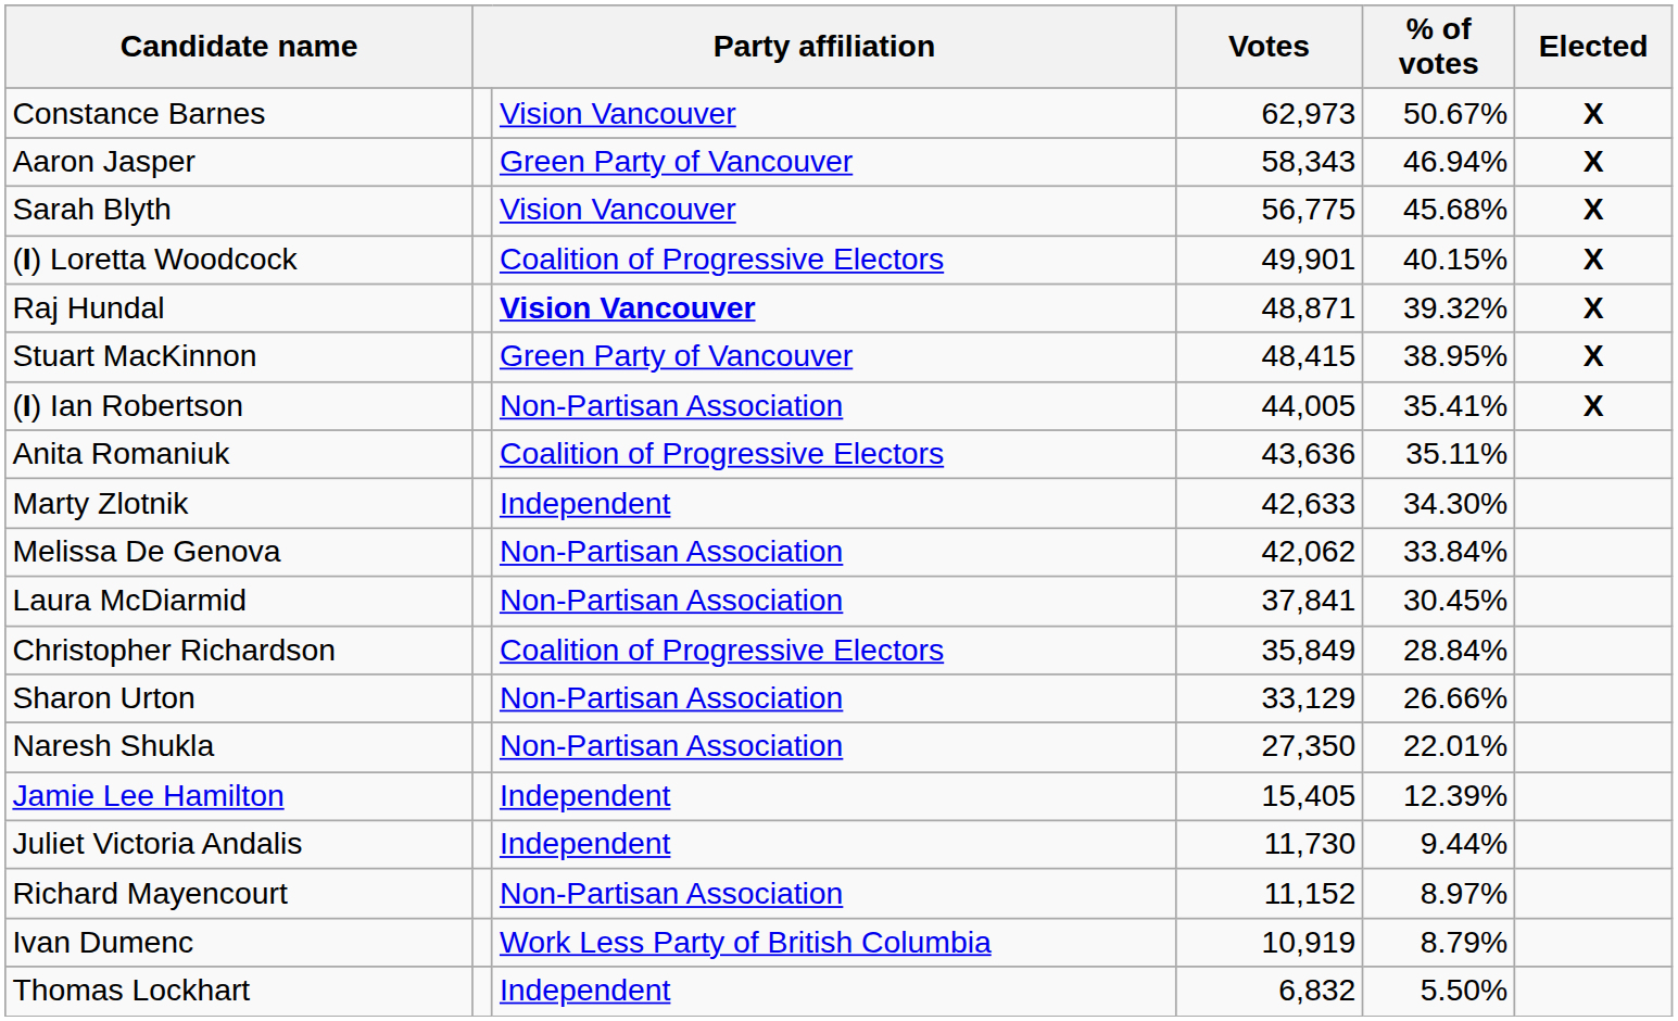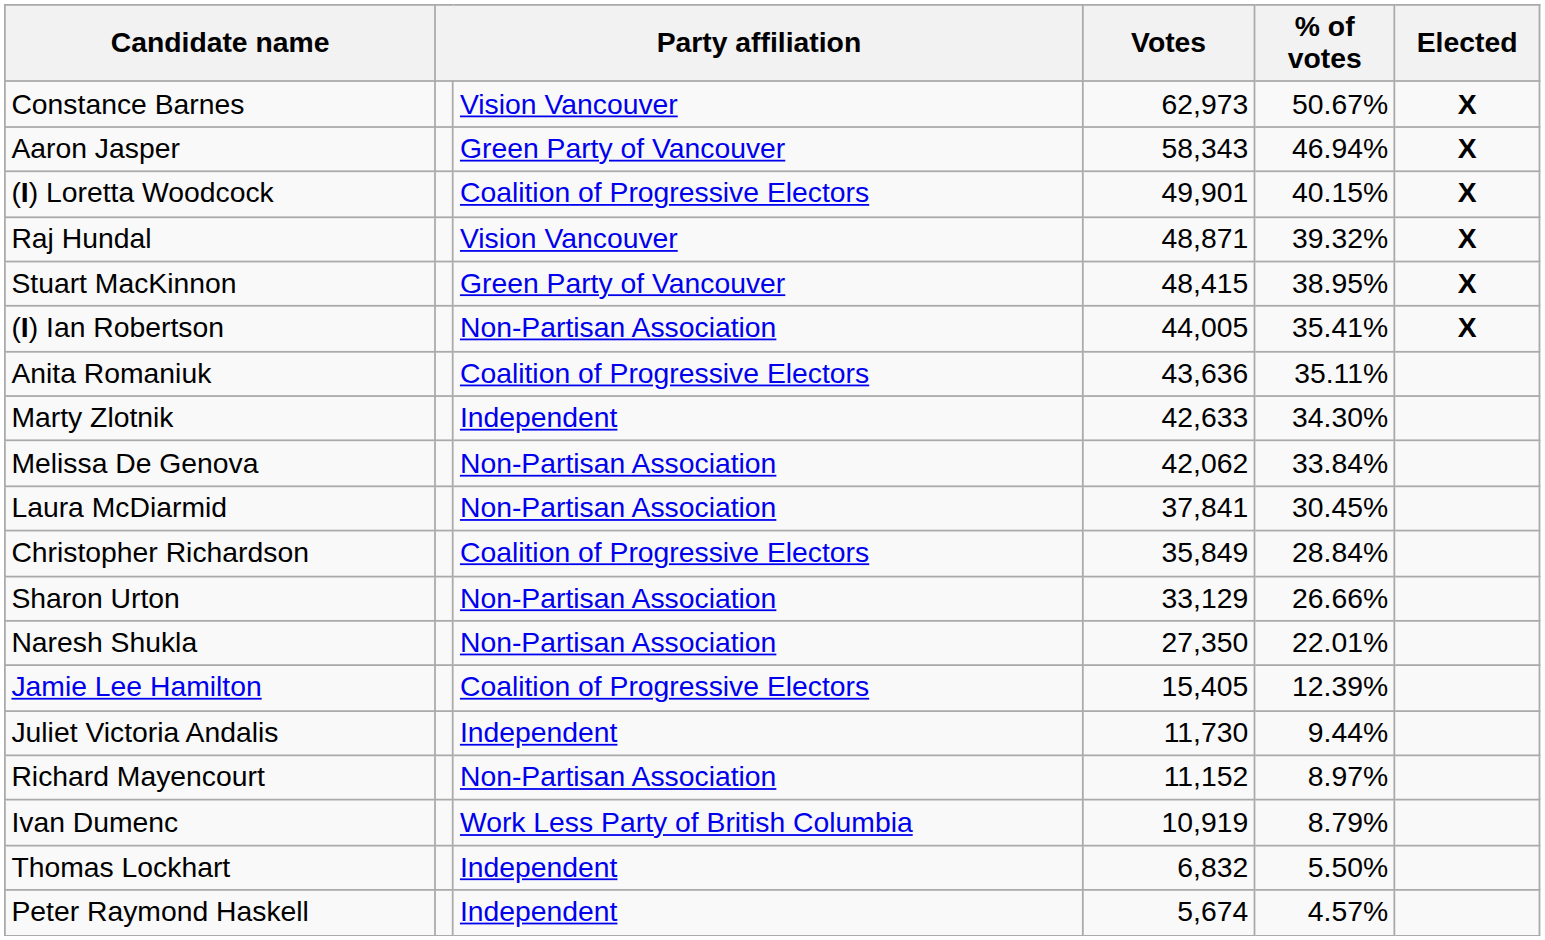 <table class="wikitable sortable" margin:5px; width: 60%">
 <tr>
 <th style="width:20%;">Candidate name</th>
 <th style="width:30.05%;" colspan="2">Party affiliation</th>
 <th style="width:8%;">Votes</th>
 <th style="width:5%;">% of votes</th>
 <th style="width:5%;">Elected</th>
 </tr>
 <tr>
 <td data-sort-value="Barnes, Constance">Constance Barnes</td>
 <td style="background:"></td>
 <td><a href='#'>Vision Vancouver</a></td>
 <td style="text-align: right;">62,973</td>
 <td style="text-align: right;">50.67%</td>
 <td style="text-align: center;"><strong>X</strong></td>
 </tr>
 <tr>
 <td data-sort-value="Jasper, Aaron">Aaron Jasper</td>
 <td style="background:"></td>
 <td><a href='#'>Green Party of Vancouver</a></td>
 <td style="text-align: right;">58,343</td>
 <td style="text-align: right;">46.94%</td>
 <td style="text-align: center;"><strong>X</strong></td>
 </tr>
 <tr>
-<td data-sort-value="Blyth, Sarah">Sarah Blyth</td>
-<td style="background:"></td>
-<td><a href='#'>Vision Vancouver</a></td>
-<td style="text-align: right;">56,775</td>
-<td style="text-align: right;">45.68%</td>
-<td style="text-align: center;"><strong>X</strong></td>
-</tr>
-<tr>
 <td data-sort-value="Woodcock, Loretta">(<strong>I</strong>) Loretta Woodcock</td>
 <td style="background:"></td>
 <td><a href='#'>Coalition of Progressive Electors</a></td>
 <td style="text-align: right;">49,901</td>
 <td style="text-align: right;">40.15%</td>
 <td style="text-align: center;"><strong>X</strong></td>
 </tr>
 <tr>
 <td data-sort-value="Hundal, Raj">Raj Hundal</td>
 <td style="background:"></td>
-<td><strong><a href='#'>Vision Vancouver</a></strong></td>
+<td><a href='#'>Vision Vancouver</a></td>
 <td style="text-align: right;">48,871</td>
 <td style="text-align: right;">39.32%</td>
 <td style="text-align: center;"><strong>X</strong></td>
 </tr>
 <tr>
 <td data-sort-value="MacKinnon, Stuart">Stuart MacKinnon</td>
 <td style="background:"></td>
 <td><a href='#'>Green Party of Vancouver</a></td>
 <td style="text-align: right;">48,415</td>
 <td style="text-align: right;">38.95%</td>
 <td style="text-align: center;"><strong>X</strong></td>
 </tr>
 <tr>
 <td data-sort-value="Robertson, Ian">(<strong>I</strong>) Ian Robertson</td>
 <td style="background:"></td>
 <td><a href='#'>Non-Partisan Association</a></td>
 <td style="text-align: right;">44,005</td>
 <td style="text-align: right;">35.41%</td>
 <td style="text-align: center;"><strong>X</strong></td>
 </tr>
 <tr>
 <td data-sort-value="Romaniuk, Anita">Anita Romaniuk</td>
 <td style="background:"></td>
 <td><a href='#'>Coalition of Progressive Electors</a></td>
 <td style="text-align: right;">43,636</td>
 <td style="text-align: right;">35.11%</td>
 <td></td>
 </tr>
 <tr>
 <td data-sort-value="Zlotnik, Marty">Marty Zlotnik</td>
 <td style="background:"></td>
 <td><a href='#'>Independent</a></td>
 <td style="text-align: right;">42,633</td>
 <td style="text-align: right;">34.30%</td>
 <td></td>
 </tr>
 <tr>
 <td data-sort-value="De Genova, Melissa">Melissa De Genova</td>
 <td style="background:"></td>
 <td><a href='#'>Non-Partisan Association</a></td>
 <td style="text-align: right;">42,062</td>
 <td style="text-align: right;">33.84%</td>
 <td></td>
 </tr>
 <tr>
 <td data-sort-value="McDiarmid, Laura">Laura McDiarmid</td>
 <td style="background:"></td>
 <td><a href='#'>Non-Partisan Association</a></td>
 <td style="text-align: right;">37,841</td>
 <td style="text-align: right;">30.45%</td>
 <td></td>
 </tr>
 <tr>
 <td data-sort-value="Richardson, Christopher">Christopher Richardson</td>
 <td style="background:"></td>
 <td><a href='#'>Coalition of Progressive Electors</a></td>
 <td style="text-align: right;">35,849</td>
 <td style="text-align: right;">28.84%</td>
 <td></td>
 </tr>
 <tr>
 <td data-sort-value="Urton, Sharon">Sharon Urton</td>
 <td style="background:"></td>
 <td><a href='#'>Non-Partisan Association</a></td>
 <td style="text-align: right;">33,129</td>
 <td style="text-align: right;">26.66%</td>
 <td></td>
 </tr>
 <tr>
 <td data-sort-value="Shukla, Naresh">Naresh Shukla</td>
 <td style="background:"></td>
 <td><a href='#'>Non-Partisan Association</a></td>
 <td style="text-align: right;">27,350</td>
 <td style="text-align: right;">22.01%</td>
 <td></td>
 </tr>
 <tr>
 <td data-sort-value="Hamilton, Jamie Lee"><a href='#'>Jamie Lee Hamilton</a></td>
 <td style="background:"></td>
-<td><a href='#'>Independent</a></td>
+<td><a href='#'>Coalition of Progressive Electors</a></td>
 <td style="text-align: right;">15,405</td>
 <td style="text-align: right;">12.39%</td>
 <td></td>
 </tr>
 <tr>
 <td data-sort-value="Andalis, Juliet Victoria">Juliet Victoria Andalis</td>
 <td style="background:"></td>
 <td><a href='#'>Independent</a></td>
 <td style="text-align: right;">11,730</td>
 <td style="text-align: right;">9.44%</td>
 <td></td>
 </tr>
 <tr>
 <td data-sort-value="Mayencourt, Richard">Richard Mayencourt</td>
 <td style="background:"></td>
 <td><a href='#'>Non-Partisan Association</a></td>
 <td style="text-align: right;">11,152</td>
 <td style="text-align: right;">8.97%</td>
 <td></td>
 </tr>
 <tr>
 <td data-sort-value="Dumenc, Ivan">Ivan Dumenc</td>
 <td style="background:"></td>
 <td><a href='#'>Work Less Party of British Columbia</a></td>
 <td style="text-align: right;">10,919</td>
 <td style="text-align: right;">8.79%</td>
 <td></td>
 </tr>
 <tr>
 <td data-sort-value="Lockhart, Thomas">Thomas Lockhart</td>
 <td style="background:"></td>
 <td><a href='#'>Independent</a></td>
 <td style="text-align: right;">6,832</td>
 <td style="text-align: right;">5.50%</td>
 <td></td>
 </tr>
+<tr>
+<td data-sort-value="Haskell, Peter Raymond">Peter Raymond Haskell</td>
+<td style="background:"></td>
+<td><a href='#'>Independent</a></td>
+<td style="text-align: right;">5,674</td>
+<td style="text-align: right;">4.57%</td>
+<td></td>
+</tr>
 </table>
